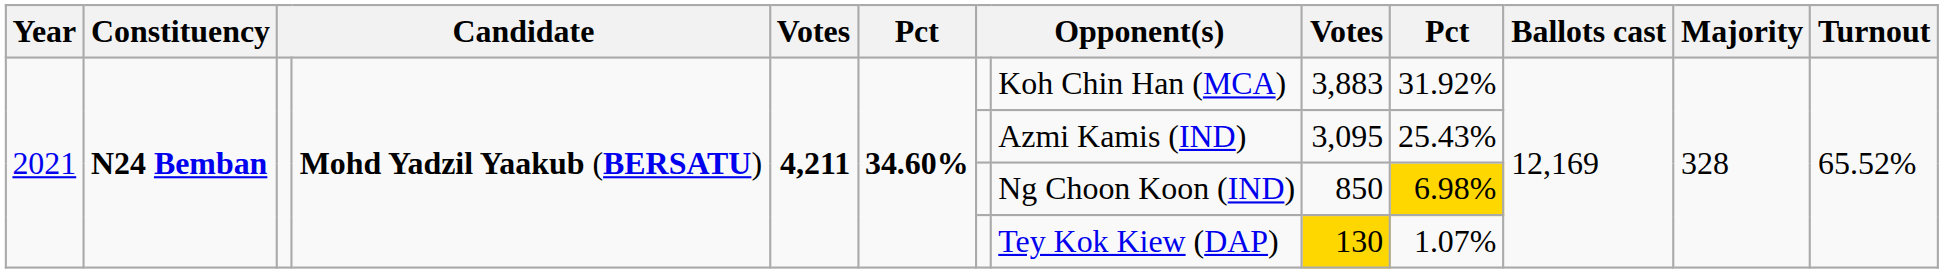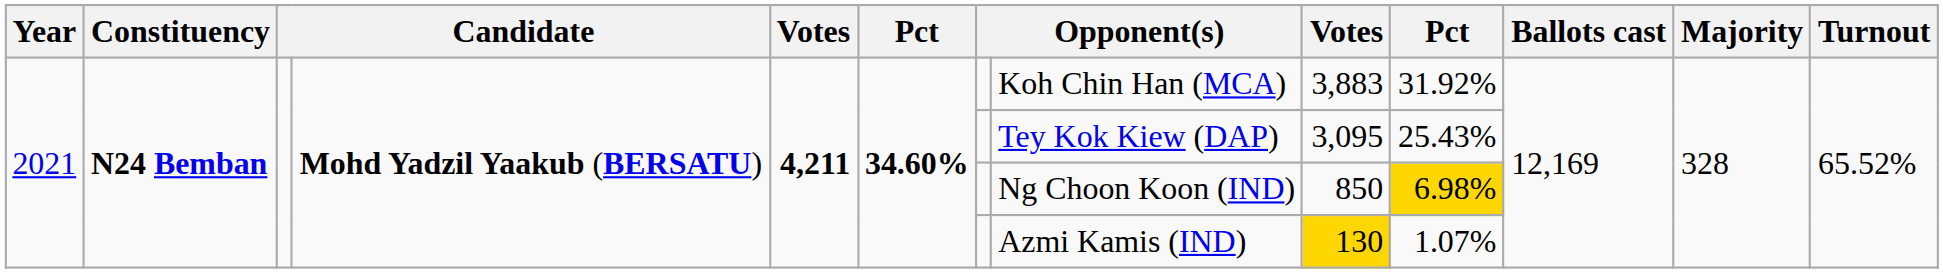 <table class="wikitable" style="margin:0.5em ; font-size:95%">
 <tr>
 <th>Year</th>
 <th>Constituency</th>
 <th colspan=2>Candidate</th>
 <th>Votes</th>
 <th>Pct</th>
 <th colspan=2>Opponent(s)</th>
 <th>Votes</th>
 <th>Pct</th>
 <th>Ballots cast</th>
 <th>Majority</th>
 <th>Turnout</th>
 </tr>
 <tr>
 <td rowspan=4><a href='#'>2021</a></td>
 <td rowspan="4"><strong>N24 <a href='#'>Bemban</a></strong></td>
 <td rowspan=4></td>
 <td rowspan=4><strong>Mohd Yadzil Yaakub</strong> (<a href='#'><strong>BERSATU</strong></a>)</td>
 <td rowspan=4 align="right"><strong>4,211</strong></td>
 <td rowspan=4><strong>34.60%</strong></td>
 <td></td>
 <td>Koh Chin Han (<a href='#'>MCA</a>)</td>
 <td align="right">3,883</td>
 <td>31.92%</td>
 <td rowspan=4>12,169</td>
 <td rowspan=4>328</td>
 <td rowspan=4>65.52%</td>
 </tr>
 <tr>
 <td></td>
-<td>Azmi Kamis (<a href='#'>IND</a>)</td>
+<td><a href='#'>Tey Kok Kiew</a> (<a href='#'>DAP</a>)</td>
 <td align="right">3,095</td>
 <td>25.43%</td>
 </tr>
 <tr>
 <td></td>
 <td>Ng Choon Koon (<a href='#'>IND</a>)</td>
 <td align="right">850</td>
 <td align="right" style="background: gold;">6.98%</td>
 </tr>
 <tr>
 <td></td>
-<td><a href='#'>Tey Kok Kiew</a> (<a href='#'>DAP</a>)</td>
+<td>Azmi Kamis (<a href='#'>IND</a>)</td>
 <td align="right" style="background: gold;">130</td>
 <td align="right">1.07%</td>
 </tr>
 </table>
